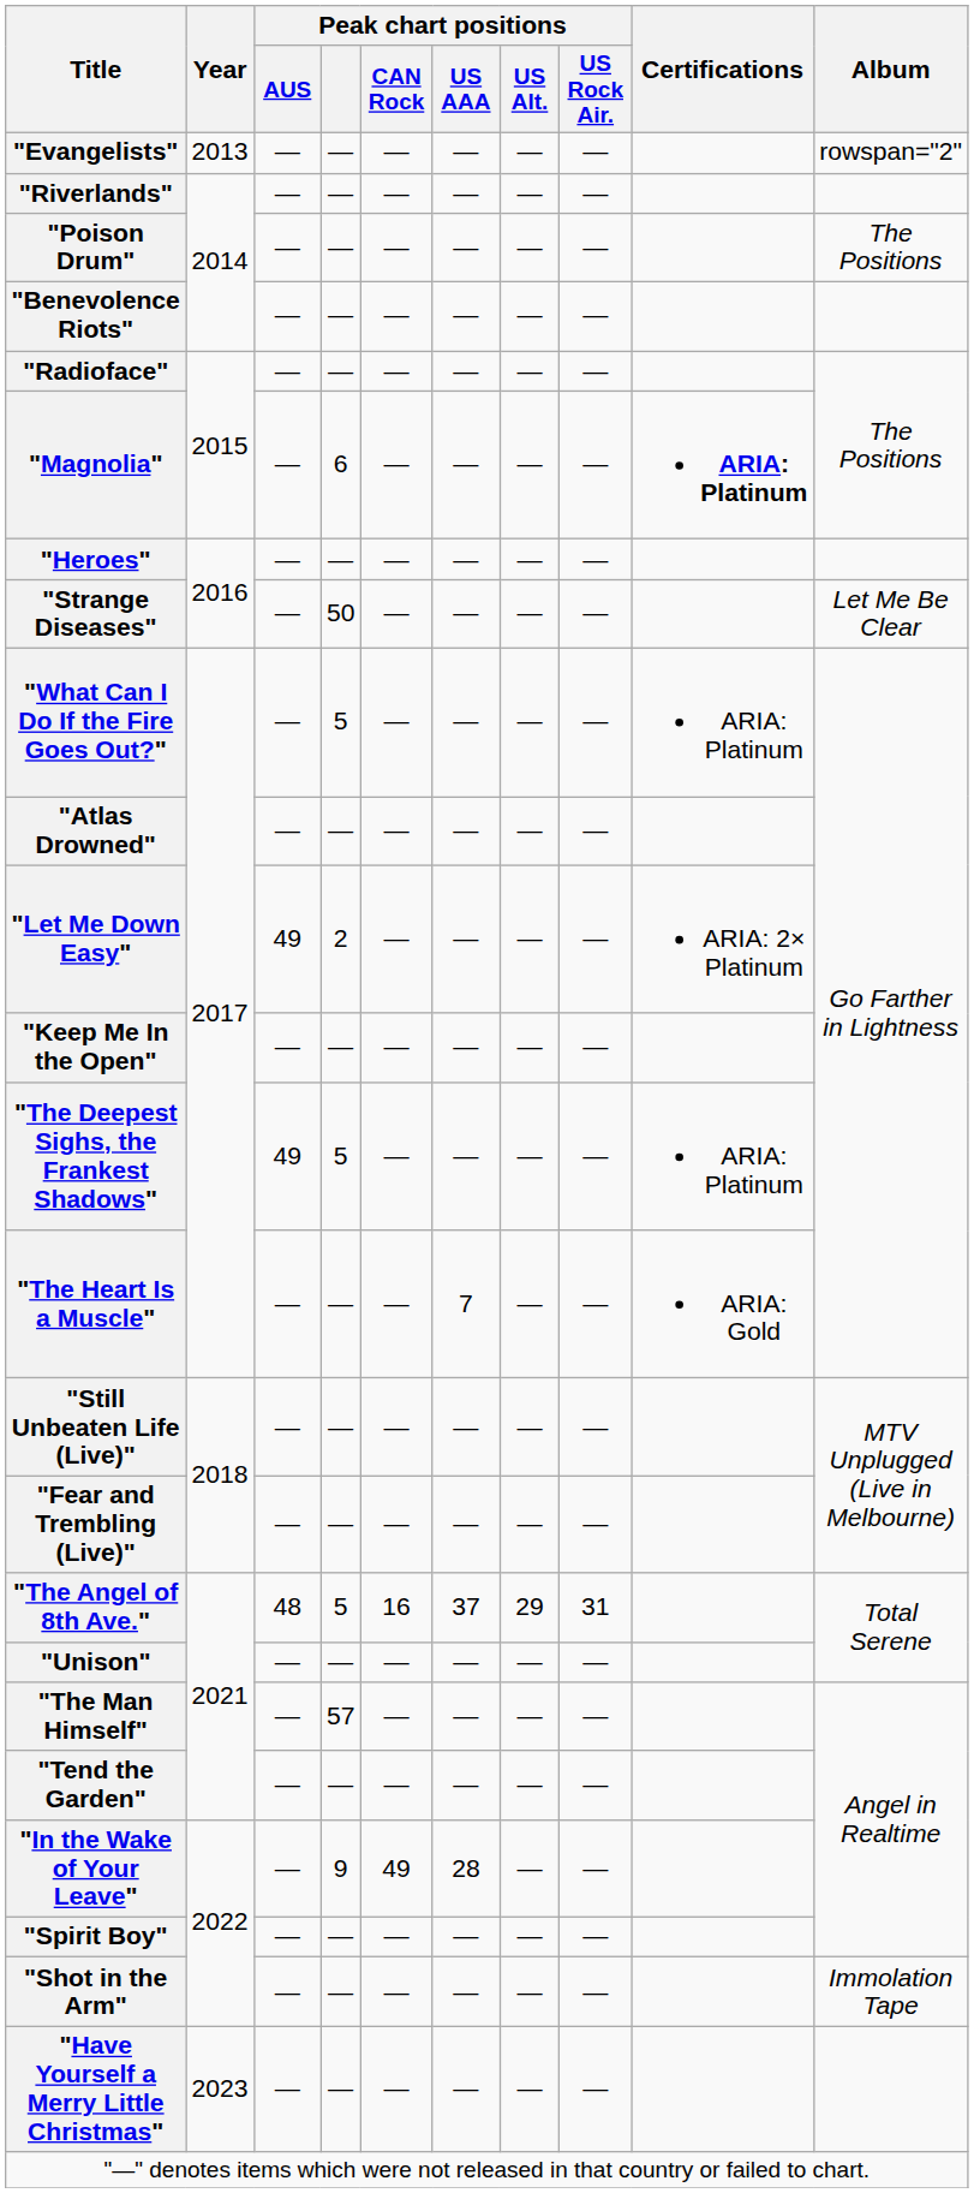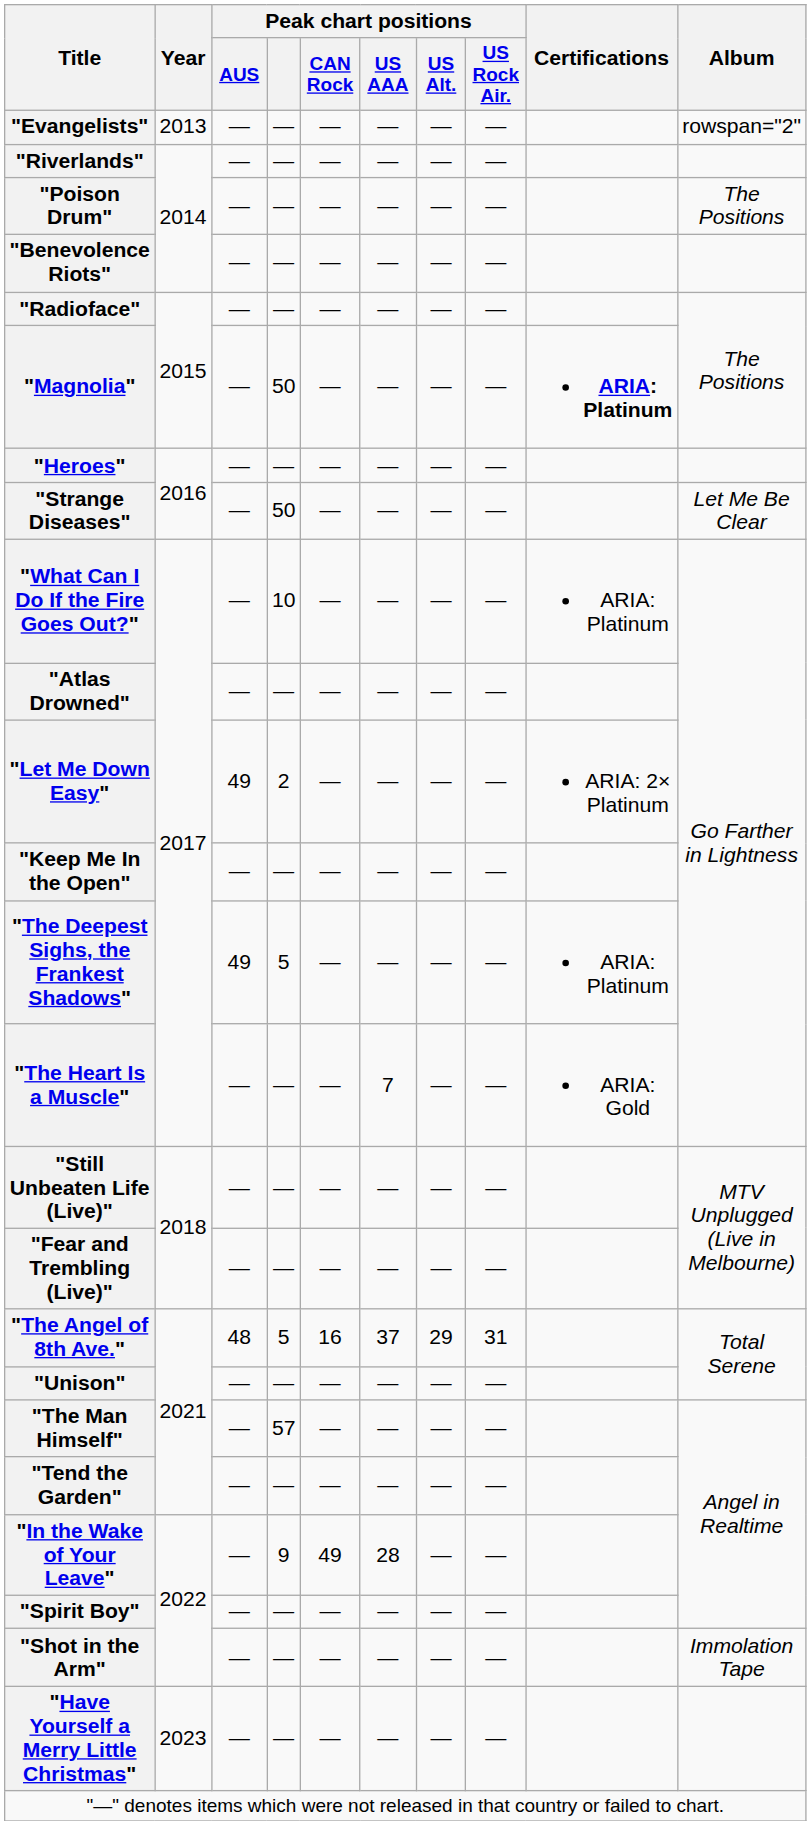 <table class="wikitable plainrowheaders" style="text-align:center;">
 <tr>
 <th scope="col" rowspan="2">Title</th>
 <th scope="col" rowspan="2">Year</th>
 <th colspan="6" scope="col">Peak chart positions</th>
 <th scope="col" rowspan="2">Certifications</th>
 <th scope="col" rowspan="2">Album</th>
 </tr>
 <tr>
 <th scope="col" style="width:3em;font-size:90%;"><a href='#'>AUS</a><br></th>
 <th></th>
 <th scope="col" style="width:3em;font-size:90%;"><a href='#'>CAN<br>Rock</a><br></th>
 <th scope="col" style="width:3em;font-size:90%;"><a href='#'>US<br>AAA</a><br></th>
 <th scope="col" style="width:3em;font-size:90%;"><a href='#'>US<br>Alt.</a><br></th>
 <th scope="col" style="width:3em;font-size:90%;"><a href='#'>US<br>Rock<br>Air.</a><br></th>
 </tr>
 <tr>
 <th scope="row">"Evangelists"</th>
 <td>2013</td>
 <td>—</td>
 <td>—</td>
 <td>—</td>
 <td>—</td>
 <td>—</td>
 <td>—</td>
 <td></td>
 <td>rowspan="2" </td>
 </tr>
 <tr>
 <th scope="row">"Riverlands"</th>
 <td rowspan="3">2014</td>
 <td>—</td>
 <td>—</td>
 <td>—</td>
 <td>—</td>
 <td>—</td>
 <td>—</td>
 <td></td>
 </tr>
 <tr>
 <th scope="row">"Poison Drum"</th>
 <td>—</td>
 <td>—</td>
 <td>—</td>
 <td>—</td>
 <td>—</td>
 <td>—</td>
 <td></td>
 <td><em>The Positions</em></td>
 </tr>
 <tr>
 <th scope="row">"Benevolence Riots"</th>
 <td>—</td>
 <td>—</td>
 <td>—</td>
 <td>—</td>
 <td>—</td>
 <td>—</td>
 <td></td>
 <td></td>
 </tr>
 <tr>
 <th scope="row">"Radioface"</th>
 <td rowspan="2">2015</td>
 <td>—</td>
 <td>—</td>
 <td>—</td>
 <td>—</td>
 <td>—</td>
 <td>—</td>
 <td></td>
 <td rowspan="2"><em>The Positions</em></td>
 </tr>
 <tr>
 <th scope="row">"<a href='#'>Magnolia</a>"</th>
 <td>—</td>
-<td>6</td>
+<td>50</td>
 <td>—</td>
 <td>—</td>
 <td>—</td>
 <td>—</td>
 <td><strong><br><ul><li><a href='#'>ARIA</a>: Platinum</li></ul></strong></td>
 </tr>
 <tr>
 <th scope="row">"<a href='#'>Heroes</a>"</th>
 <td rowspan="2">2016</td>
 <td>—</td>
 <td>—</td>
 <td>—</td>
 <td>—</td>
 <td>—</td>
 <td>—</td>
 <td></td>
 <td></td>
 </tr>
 <tr>
 <th scope="row">"Strange Diseases"</th>
 <td>—</td>
 <td>50</td>
 <td>—</td>
 <td>—</td>
 <td>—</td>
 <td>—</td>
 <td></td>
 <td><em>Let Me Be Clear</em></td>
 </tr>
 <tr>
 <th scope="row">"<a href='#'>What Can I Do If the Fire Goes Out?</a>"</th>
 <td rowspan="6">2017</td>
 <td>—</td>
-<td>5</td>
+<td>10</td>
 <td>—</td>
 <td>—</td>
 <td>—</td>
 <td>—</td>
 <td><br><ul><li>ARIA: Platinum</li></ul></td>
 <td rowspan="6"><em>Go Farther in Lightness</em></td>
 </tr>
 <tr>
 <th scope="row">"Atlas Drowned"</th>
 <td>—</td>
 <td>—</td>
 <td>—</td>
 <td>—</td>
 <td>—</td>
 <td>—</td>
 <td></td>
 </tr>
 <tr>
 <th scope="row">"<a href='#'>Let Me Down Easy</a>"</th>
 <td>49</td>
 <td>2</td>
 <td>—</td>
 <td>—</td>
 <td>—</td>
 <td>—</td>
 <td><br><ul><li>ARIA: 2× Platinum</li></ul></td>
 </tr>
 <tr>
 <th scope="row">"Keep Me In the Open"</th>
 <td>—</td>
 <td>—</td>
 <td>—</td>
 <td>—</td>
 <td>—</td>
 <td>—</td>
 <td></td>
 </tr>
 <tr>
 <th scope="row">"<a href='#'>The Deepest Sighs, the Frankest Shadows</a>"</th>
 <td>49</td>
 <td>5</td>
 <td>—</td>
 <td>—</td>
 <td>—</td>
 <td>—</td>
 <td><br><ul><li>ARIA: Platinum</li></ul></td>
 </tr>
 <tr>
 <th scope="row">"<a href='#'>The Heart Is a Muscle</a>"</th>
 <td>—</td>
 <td>—</td>
 <td>—</td>
 <td>7</td>
 <td>—</td>
 <td>—</td>
 <td><br><ul><li>ARIA: Gold</li></ul></td>
 </tr>
 <tr>
 <th scope="row">"Still Unbeaten Life (Live)"</th>
 <td rowspan="2">2018</td>
 <td>—</td>
 <td>—</td>
 <td>—</td>
 <td>—</td>
 <td>—</td>
 <td>—</td>
 <td></td>
 <td rowspan="2"><em>MTV Unplugged (Live in Melbourne)</em></td>
 </tr>
 <tr>
 <th scope="row">"Fear and Trembling (Live)"</th>
 <td>—</td>
 <td>—</td>
 <td>—</td>
 <td>—</td>
 <td>—</td>
 <td>—</td>
 <td></td>
 </tr>
 <tr>
 <th scope="row">"<a href='#'>The Angel of 8th Ave.</a>"</th>
 <td rowspan="4">2021</td>
 <td>48</td>
 <td>5</td>
 <td>16</td>
 <td>37</td>
 <td>29</td>
 <td>31</td>
 <td></td>
 <td rowspan="2"><em>Total Serene</em></td>
 </tr>
 <tr>
 <th scope="row">"Unison"</th>
 <td>—</td>
 <td>—</td>
 <td>—</td>
 <td>—</td>
 <td>—</td>
 <td>—</td>
 <td></td>
 </tr>
 <tr>
 <th scope="row">"The Man Himself"</th>
 <td>—</td>
 <td>57</td>
 <td>—</td>
 <td>—</td>
 <td>—</td>
 <td>—</td>
 <td></td>
 <td rowspan="4"><em>Angel in Realtime</em></td>
 </tr>
 <tr>
 <th scope="row">"Tend the Garden"</th>
 <td>—</td>
 <td>—</td>
 <td>—</td>
 <td>—</td>
 <td>—</td>
 <td>—</td>
 <td></td>
 </tr>
 <tr>
 <th scope="row">"<a href='#'>In the Wake of Your Leave</a>"</th>
 <td rowspan="3">2022</td>
 <td>—</td>
 <td>9</td>
 <td>49</td>
 <td>28</td>
 <td>—</td>
 <td>—</td>
 <td></td>
 </tr>
 <tr>
 <th scope="row">"Spirit Boy"</th>
 <td>—</td>
 <td>—</td>
 <td>—</td>
 <td>—</td>
 <td>—</td>
 <td>—</td>
 <td></td>
 </tr>
 <tr>
 <th scope="row">"Shot in the Arm"</th>
 <td>—</td>
 <td>—</td>
 <td>—</td>
 <td>—</td>
 <td>—</td>
 <td>—</td>
 <td></td>
 <td><em>Immolation Tape</em></td>
 </tr>
 <tr>
 <th scope="row">"<a href='#'>Have Yourself a Merry Little Christmas</a>"</th>
 <td>2023</td>
 <td>—</td>
 <td>—</td>
 <td>—</td>
 <td>—</td>
 <td>—</td>
 <td>—</td>
 <td></td>
 <td></td>
 </tr>
 <tr>
 <td colspan="12" style="font-size:90%">"—" denotes items which were not released in that country or failed to chart.</td>
 </tr>
 </table>
